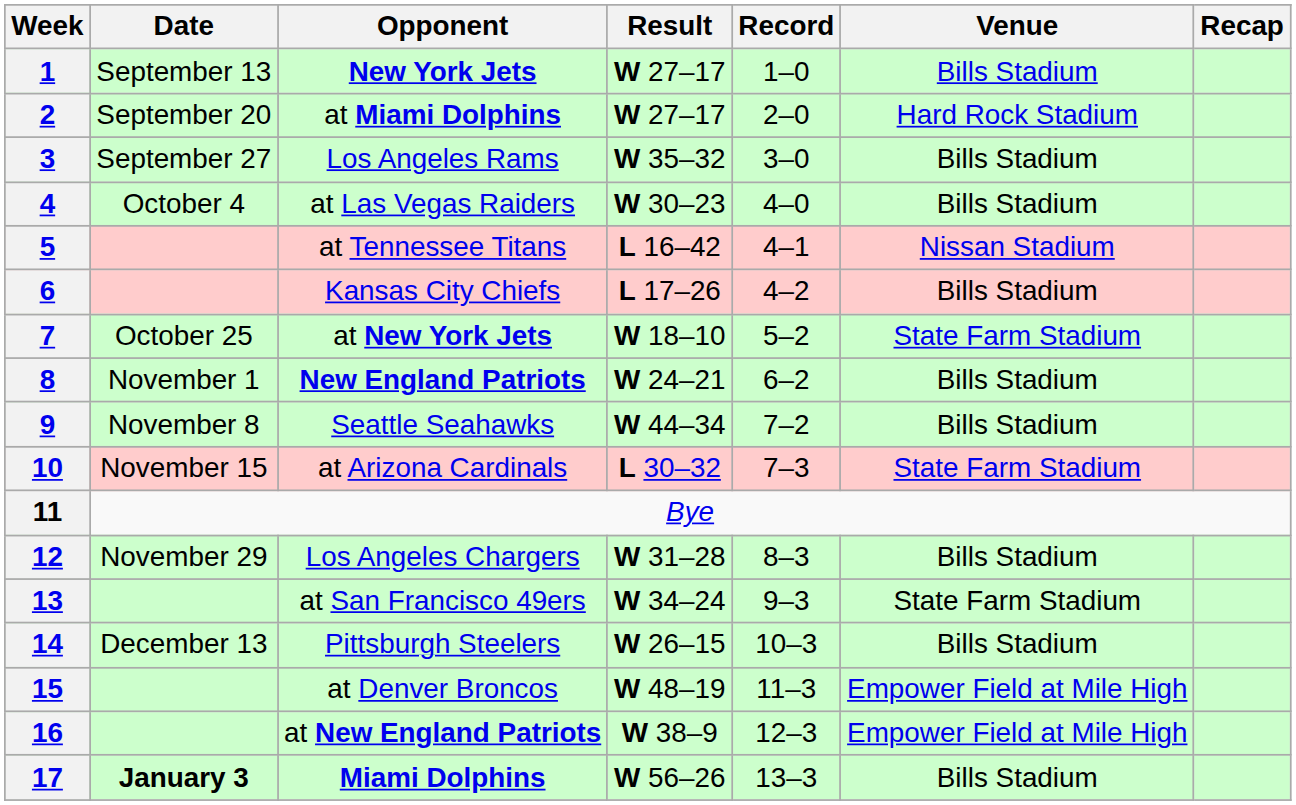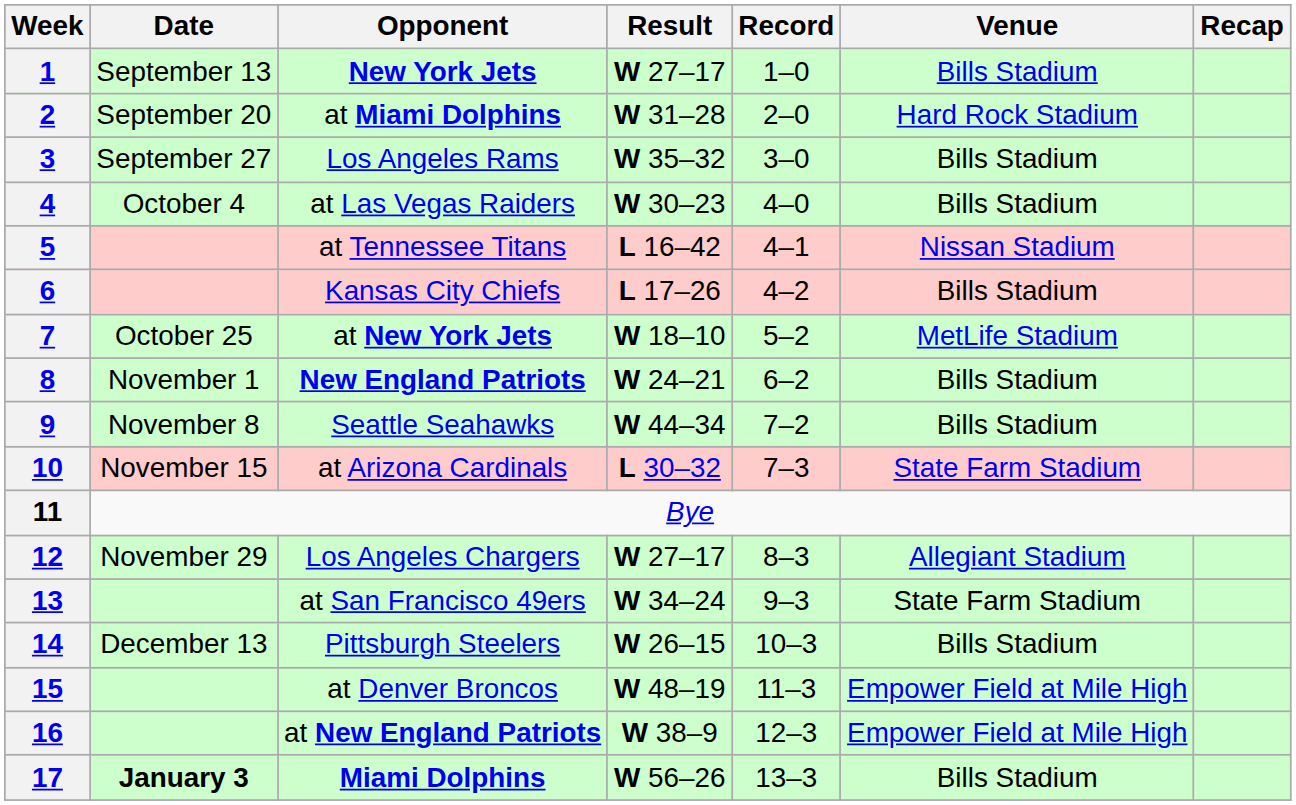 <table class="wikitable" style="text-align:center">
 <tr>
 <th>Week</th>
 <th>Date</th>
 <th>Opponent</th>
 <th>Result</th>
 <th>Record</th>
 <th>Venue</th>
 <th>Recap</th>
 </tr>
 <tr style="background:#cfc">
 <th><a href='#'>1</a></th>
 <td>September 13</td>
 <td><strong><a href='#'>New York Jets</a></strong></td>
 <td><strong>W</strong> 27–17</td>
 <td>1–0</td>
 <td><a href='#'>Bills Stadium</a></td>
 <td></td>
 </tr>
 <tr style="background:#cfc">
 <th><a href='#'>2</a></th>
 <td>September 20</td>
 <td>at <strong><a href='#'>Miami Dolphins</a></strong></td>
-<td><strong>W</strong> 27–17</td>
+<td><strong>W</strong> 31–28</td>
 <td>2–0</td>
 <td><a href='#'>Hard Rock Stadium</a></td>
 <td></td>
 </tr>
 <tr style="background:#cfc">
 <th><a href='#'>3</a></th>
 <td>September 27</td>
 <td><a href='#'>Los Angeles Rams</a></td>
 <td><strong>W</strong> 35–32</td>
 <td>3–0</td>
 <td>Bills Stadium</td>
 <td></td>
 </tr>
 <tr style="background:#cfc">
 <th><a href='#'>4</a></th>
 <td>October 4</td>
 <td>at <a href='#'>Las Vegas Raiders</a></td>
 <td><strong>W</strong> 30–23</td>
 <td>4–0</td>
 <td>Bills Stadium</td>
 <td></td>
 </tr>
 <tr style="background:#fcc">
 <th><a href='#'>5</a></th>
 <td></td>
 <td>at <a href='#'>Tennessee Titans</a></td>
 <td><strong>L</strong> 16–42</td>
 <td>4–1</td>
 <td><a href='#'>Nissan Stadium</a></td>
 <td></td>
 </tr>
 <tr style="background:#fcc">
 <th><a href='#'>6</a></th>
 <td></td>
 <td><a href='#'>Kansas City Chiefs</a></td>
 <td><strong>L</strong> 17–26</td>
 <td>4–2</td>
 <td>Bills Stadium</td>
 <td></td>
 </tr>
 <tr style="background:#cfc">
 <th><a href='#'>7</a></th>
 <td>October 25</td>
 <td>at <strong><a href='#'>New York Jets</a></strong></td>
 <td><strong>W</strong> 18–10</td>
 <td>5–2</td>
-<td><a href='#'>State Farm Stadium</a></td>
+<td><a href='#'>MetLife Stadium</a></td>
 <td></td>
 </tr>
 <tr style="background:#cfc">
 <th><a href='#'>8</a></th>
 <td>November 1</td>
 <td><strong><a href='#'>New England Patriots</a></strong></td>
 <td><strong>W</strong> 24–21</td>
 <td>6–2</td>
 <td>Bills Stadium</td>
 <td></td>
 </tr>
 <tr style="background:#cfc">
 <th><a href='#'>9</a></th>
 <td>November 8</td>
 <td><a href='#'>Seattle Seahawks</a></td>
 <td><strong>W</strong> 44–34</td>
 <td>7–2</td>
 <td>Bills Stadium</td>
 <td></td>
 </tr>
 <tr style="background:#fcc">
 <th><a href='#'>10</a></th>
 <td>November 15</td>
 <td>at <a href='#'>Arizona Cardinals</a></td>
 <td><strong>L</strong> <a href='#'>30–32</a></td>
 <td>7–3</td>
 <td><a href='#'>State Farm Stadium</a></td>
 <td></td>
 </tr>
 <tr>
 <th>11</th>
 <td colspan="6"><em><a href='#'>Bye</a></em></td>
 </tr>
 <tr style="background:#cfc">
 <th><a href='#'>12</a></th>
 <td>November 29</td>
 <td><a href='#'>Los Angeles Chargers</a></td>
-<td><strong>W</strong> 31–28</td>
+<td><strong>W</strong> 27–17</td>
 <td>8–3</td>
-<td>Bills Stadium</td>
+<td><a href='#'>Allegiant Stadium</a></td>
 <td></td>
 </tr>
 <tr style="background:#cfc">
 <th><a href='#'>13</a></th>
 <td></td>
 <td>at <a href='#'>San Francisco 49ers</a></td>
 <td><strong>W</strong> 34–24</td>
 <td>9–3</td>
 <td>State Farm Stadium</td>
 <td></td>
 </tr>
 <tr style="background:#cfc">
 <th><a href='#'>14</a></th>
 <td>December 13</td>
 <td><a href='#'>Pittsburgh Steelers</a></td>
 <td><strong>W</strong> 26–15</td>
 <td>10–3</td>
 <td>Bills Stadium</td>
 <td></td>
 </tr>
 <tr style="background:#cfc">
 <th><a href='#'>15</a></th>
 <td></td>
 <td>at <a href='#'>Denver Broncos</a></td>
 <td><strong>W</strong> 48–19</td>
 <td>11–3</td>
 <td><a href='#'>Empower Field at Mile High</a></td>
 <td></td>
 </tr>
 <tr style="background:#cfc">
 <th><a href='#'>16</a></th>
 <td></td>
 <td>at <strong><a href='#'>New England Patriots</a></strong></td>
 <td><strong>W</strong> 38–9</td>
 <td>12–3</td>
 <td><a href='#'>Empower Field at Mile High</a></td>
 <td></td>
 </tr>
 <tr style="background:#cfc">
 <th><a href='#'>17</a></th>
 <td><strong>January 3</strong></td>
 <td><strong><a href='#'>Miami Dolphins</a></strong></td>
 <td><strong>W</strong> 56–26</td>
 <td>13–3</td>
 <td>Bills Stadium</td>
 <td></td>
 </tr>
 </table>
